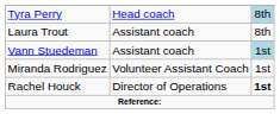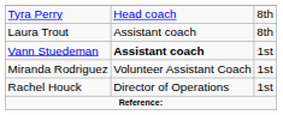 <table class="wikitable" style="font-size:93%;">
 <tr>
 </tr>
 <tr>
 <td><a href='#'>Tyra Perry</a></td>
 <td><a href='#'>Head coach</a></td>
-<td align=center style="background: lightblue;">8th</td>
+<td align=center>8th</td>
 </tr>
 <tr>
 <td>Laura Trout</td>
 <td>Assistant coach</td>
 <td align=center>8th</td>
 </tr>
 <tr>
 <td><a href='#'>Vann Stuedeman</a></td>
-<td>Assistant coach</td>
-<td align=center style="background: lightblue;">1st</td>
+<td><strong>Assistant coach</strong></td>
+<td align=center>1st</td>
 </tr>
 <tr>
 <td>Miranda Rodriguez</td>
 <td>Volunteer Assistant Coach</td>
 <td align=center>1st</td>
 </tr>
 <tr>
 <td>Rachel Houck</td>
 <td>Director of Operations</td>
-<td align=center><strong>1st</strong></td>
+<td align=center>1st</td>
 </tr>
 <tr>
 <td colspan="4"  style="font-size:8pt; text-align:center;"><strong>Reference:</strong></td>
 </tr>
 </table>
